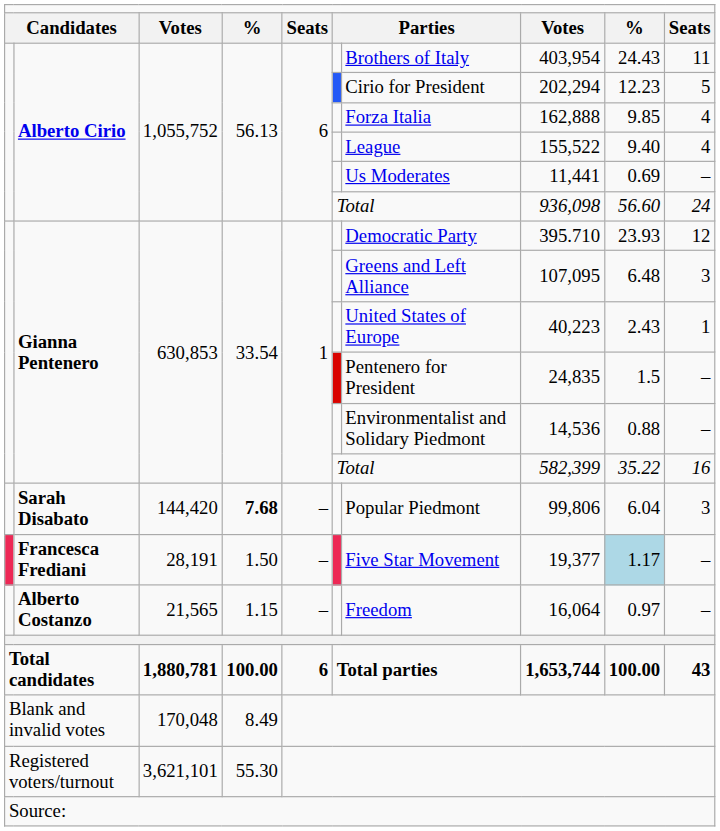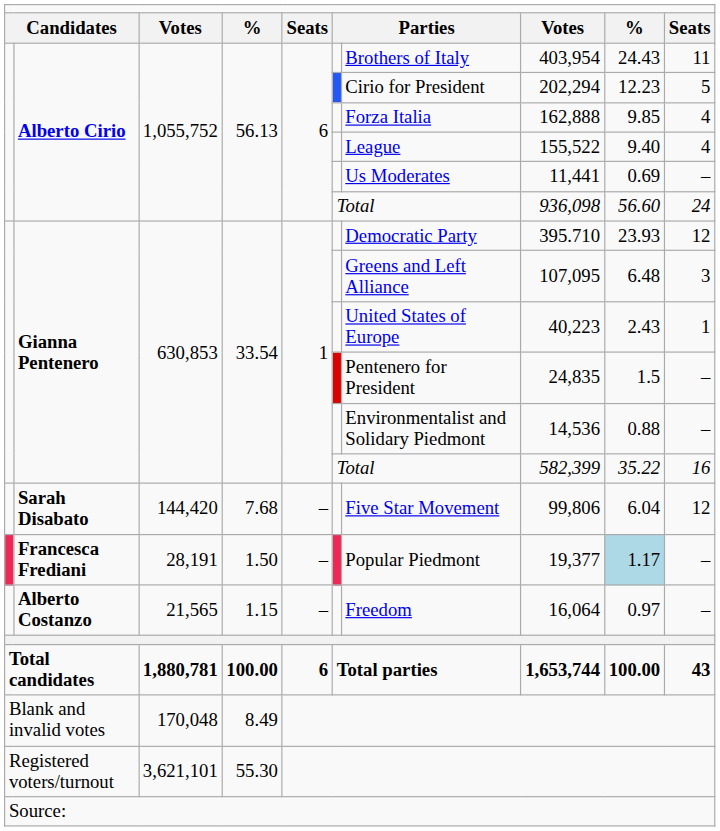 <table class="wikitable">
 <tr>
 <td colspan="10" style="text-align:center"></td>
 </tr>
 <tr>
 <th colspan="2">Candidates</th>
 <th>Votes</th>
 <th>%</th>
 <th>Seats</th>
 <th colspan="2">Parties</th>
 <th>Votes</th>
 <th>%</th>
 <th>Seats</th>
 </tr>
 <tr>
 <td rowspan="6"></td>
 <td rowspan="6"><strong><a href='#'>Alberto Cirio</a></strong></td>
 <td rowspan="6" align="right">1,055,752</td>
 <td rowspan="6" align="right">56.13</td>
 <td rowspan="6" align="right">6</td>
 <td></td>
 <td><a href='#'>Brothers of Italy</a></td>
 <td align="right">403,954</td>
 <td align="right">24.43</td>
 <td align="right">11</td>
 </tr>
 <tr>
 <td bgcolor="#2358F6"></td>
 <td>Cirio for President</td>
 <td align="right">202,294</td>
 <td align="right">12.23</td>
 <td align="right">5</td>
 </tr>
 <tr>
 <td></td>
 <td><a href='#'>Forza Italia</a></td>
 <td align="right">162,888</td>
 <td align="right">9.85</td>
 <td align="right">4</td>
 </tr>
 <tr>
 <td></td>
 <td><a href='#'>League</a></td>
 <td align="right">155,522</td>
 <td align="right">9.40</td>
 <td align="right">4</td>
 </tr>
 <tr>
 <td></td>
 <td><a href='#'>Us Moderates</a></td>
 <td align="right">11,441</td>
 <td align="right">0.69</td>
 <td align="right">–</td>
 </tr>
 <tr>
 <td colspan="2"><em>Total</em></td>
 <td align="right"><em>936,098</em></td>
 <td align="right"><em>56.60</em></td>
 <td align="right"><em>24</em></td>
 </tr>
 <tr>
 <td rowspan="6"></td>
 <td rowspan="6"><strong>Gianna Pentenero</strong></td>
 <td rowspan="6" align="right">630,853</td>
 <td rowspan="6" align="right">33.54</td>
 <td rowspan="6" align="right">1</td>
 <td></td>
 <td><a href='#'>Democratic Party</a></td>
 <td align="right">395.710</td>
 <td align="right">23.93</td>
 <td align="right">12</td>
 </tr>
 <tr>
 <td></td>
 <td><a href='#'>Greens and Left Alliance</a></td>
 <td align="right">107,095</td>
 <td align="right">6.48</td>
 <td align="right">3</td>
 </tr>
 <tr>
 <td></td>
 <td><a href='#'>United States of Europe</a></td>
 <td align="right">40,223</td>
 <td align="right">2.43</td>
 <td align="right">1</td>
 </tr>
 <tr>
 <td bgcolor="#d90300"></td>
 <td>Pentenero for President</td>
 <td align="right">24,835</td>
 <td align="right">1.5</td>
 <td align="right">–</td>
 </tr>
 <tr>
 <td></td>
 <td>Environmentalist and Solidary Piedmont</td>
 <td align="right">14,536</td>
 <td align="right">0.88</td>
 <td align="right">–</td>
 </tr>
 <tr>
 <td colspan="2"><em>Total</em></td>
 <td align="right"><em>582,399</em></td>
 <td align="right"><em>35.22</em></td>
 <td align="right"><em>16</em></td>
 </tr>
 <tr>
 <td style="background-color:"></td>
 <td><strong>Sarah Disabato</strong></td>
 <td align=right>144,420</td>
-<td align=right><strong>7.68</strong></td>
+<td align=right>7.68</td>
 <td align=right>–</td>
 <td style="background-color:"></td>
-<td>Popular Piedmont</td>
+<td><a href='#'>Five Star Movement</a></td>
 <td align=right>99,806</td>
 <td align=right>6.04</td>
-<td align=right>3</td>
+<td align="right">12</td>
 </tr>
 <tr>
 <td style="background-color:#ed2855"></td>
 <td><strong>Francesca Frediani</strong></td>
 <td align=right>28,191</td>
 <td align=right>1.50</td>
 <td align=right>–</td>
 <td style="background-color:#ed2855"></td>
-<td><a href='#'>Five Star Movement</a></td>
+<td>Popular Piedmont</td>
 <td align=right>19,377</td>
 <td align=right style="background: lightblue;">1.17</td>
 <td align=right>–</td>
 </tr>
 <tr>
 <td style="background-color:"></td>
 <td><strong>Alberto Costanzo</strong></td>
 <td align=right>21,565</td>
 <td align=right>1.15</td>
 <td align=right>–</td>
 <td style="background-color:"></td>
 <td><a href='#'>Freedom</a></td>
 <td align=right>16,064</td>
 <td align=right>0.97</td>
 <td align=right>–</td>
 </tr>
 <tr>
 <th colspan=10></th>
 </tr>
 <tr>
 <td colspan=2><strong>Total candidates</strong></td>
 <td align=right><strong>1,880,781</strong></td>
 <td align=right><strong>100.00</strong></td>
 <td align=right><strong>6</strong></td>
 <td colspan=2><strong>Total parties</strong></td>
 <td align=right><strong>1,653,744</strong></td>
 <td align=right><strong>100.00</strong></td>
 <td align=right><strong>43</strong></td>
 </tr>
 <tr>
 <td colspan=2>Blank and invalid votes</td>
 <td align=right>170,048</td>
 <td align=right>8.49</td>
 <td colspan=6></td>
 </tr>
 <tr>
 <td colspan=2>Registered voters/turnout</td>
 <td align=right>3,621,101</td>
 <td align=right>55.30</td>
 <td colspan=6></td>
 </tr>
 <tr>
 <td colspan=10>Source: </td>
 </tr>
 </table>
